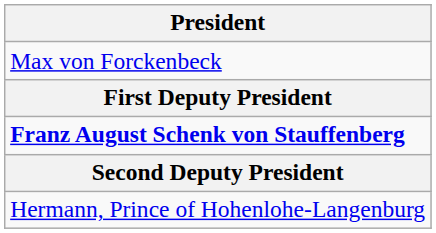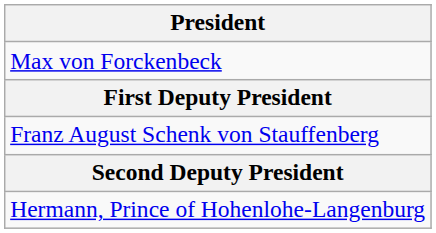 <table class="wikitable">
 <tr>
 <th>President</th>
 </tr>
 <tr>
 <td><a href='#'>Max von Forckenbeck</a></td>
 </tr>
 <tr>
 <th>First Deputy President</th>
 </tr>
 <tr>
-<td><strong><a href='#'>Franz August Schenk von Stauffenberg</a></strong></td>
+<td><a href='#'>Franz August Schenk von Stauffenberg</a></td>
 </tr>
 <tr>
 <th>Second Deputy President</th>
 </tr>
 <tr>
 <td><a href='#'>Hermann, Prince of Hohenlohe-Langenburg</a></td>
 </tr>
 </table>
